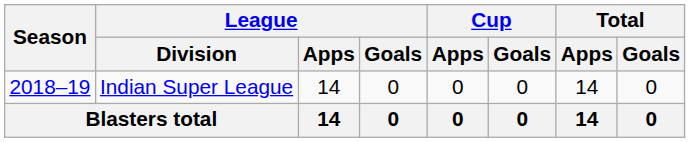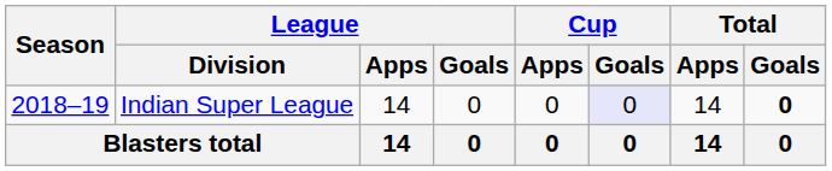 <table class="wikitable" style="text-align: center;">
 <tr>
 <th rowspan="2">Season</th>
 <th colspan="3"><a href='#'>League</a></th>
 <th colspan="2"><a href='#'>Cup</a></th>
 <th colspan="2">Total</th>
 </tr>
 <tr>
 <th>Division</th>
 <th>Apps</th>
 <th>Goals</th>
 <th>Apps</th>
 <th>Goals</th>
 <th>Apps</th>
 <th>Goals</th>
 </tr>
 <tr>
 <td><a href='#'>2018–19</a></td>
 <td><a href='#'>Indian Super League</a></td>
 <td>14</td>
 <td>0</td>
 <td>0</td>
-<td>0</td>
+<td style="background: lavender;">0</td>
 <td>14</td>
-<td>0</td>
+<td><strong>0</strong></td>
 </tr>
 <tr>
 <th colspan="2">Blasters total</th>
 <th>14</th>
 <th>0</th>
 <th>0</th>
 <th>0</th>
 <th>14</th>
 <th>0</th>
 </tr>
 </table>
